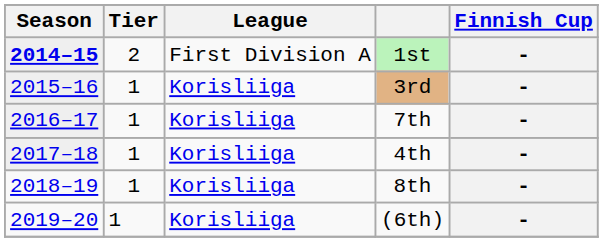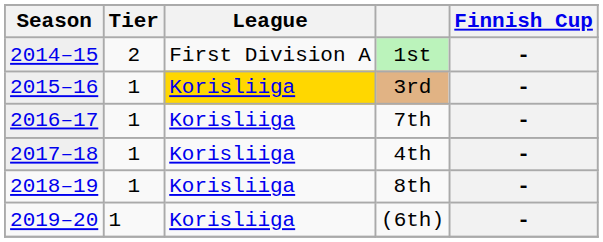 <table class="wikitable" style="font-size:85%">
 <tr>
 </tr>
 <tr bgcolor="">
 <th>Season</th>
 <th>Tier</th>
 <th>League</th>
 <th></th>
 <th><a href='#'>Finnish Cup</a></th>
 </tr>
 <tr>
-<td style="background:#efefef;"><strong><a href='#'>2014–15</a></strong></td>
+<td style="background:#efefef;"><a href='#'>2014–15</a></td>
 <td align="center">2</td>
 <td>First Division A</td>
 <td align="center" bgcolor="#BBF3BB">1st</td>
 <th>-</th>
 </tr>
 <tr>
 <td style="background:#efefef;"><a href='#'>2015–16</a></td>
 <td align="center">1</td>
-<td><a href='#'>Korisliiga</a></td>
+<td style="background: gold;"><a href='#'>Korisliiga</a></td>
 <td align="center" bgcolor="#e1b384">3rd</td>
 <th>-</th>
 </tr>
 <tr>
 <td style="background:#efefef;"><a href='#'>2016–17</a></td>
 <td align="center">1</td>
 <td><a href='#'>Korisliiga</a></td>
 <td align="center">7th</td>
 <th>-</th>
 </tr>
 <tr>
 <td style="background:#efefef;"><a href='#'>2017–18</a></td>
 <td align="center">1</td>
 <td><a href='#'>Korisliiga</a></td>
 <td align="center">4th</td>
 <th>-</th>
 </tr>
 <tr>
 <td><a href='#'>2018–19</a></td>
 <td align="center">1</td>
 <td><a href='#'>Korisliiga</a></td>
 <td align="center">8th</td>
 <th>-</th>
 </tr>
 <tr>
 <td><a href='#'>2019–20</a></td>
 <td>1</td>
 <td><a href='#'>Korisliiga</a></td>
 <td>(6th)</td>
 <th>-</th>
 </tr>
 <tr>
 </tr>
 </table>
